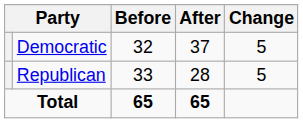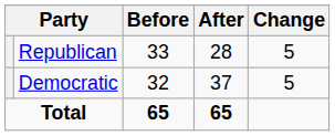 <table class="wikitable" style="text-align:center;">
 <tr>
 </tr>
 <tr>
 <th colspan=2>Party</th>
 <th>Before</th>
 <th>After</th>
 <th>Change</th>
 </tr>
 <tr>
 <th style="background-color:"></th>
-<td style="text-align:left;"><a href='#'>Democratic</a></td>
-<td>32</td>
-<td>37</td>
+<td style="text-align:left;"><a href='#'>Republican</a></td>
+<td>33</td>
+<td>28</td>
 <td> 5</td>
 </tr>
 <tr>
 <th style="background-color:"></th>
-<td style="text-align:left;"><a href='#'>Republican</a></td>
-<td>33</td>
-<td>28</td>
+<td style="text-align:left;"><a href='#'>Democratic</a></td>
+<td>32</td>
+<td>37</td>
 <td> 5</td>
 </tr>
 <tr>
 <td colspan=2><strong>Total</strong></td>
 <td><strong>65</strong></td>
 <td><strong>65</strong></td>
 <td></td>
 </tr>
 </table>
